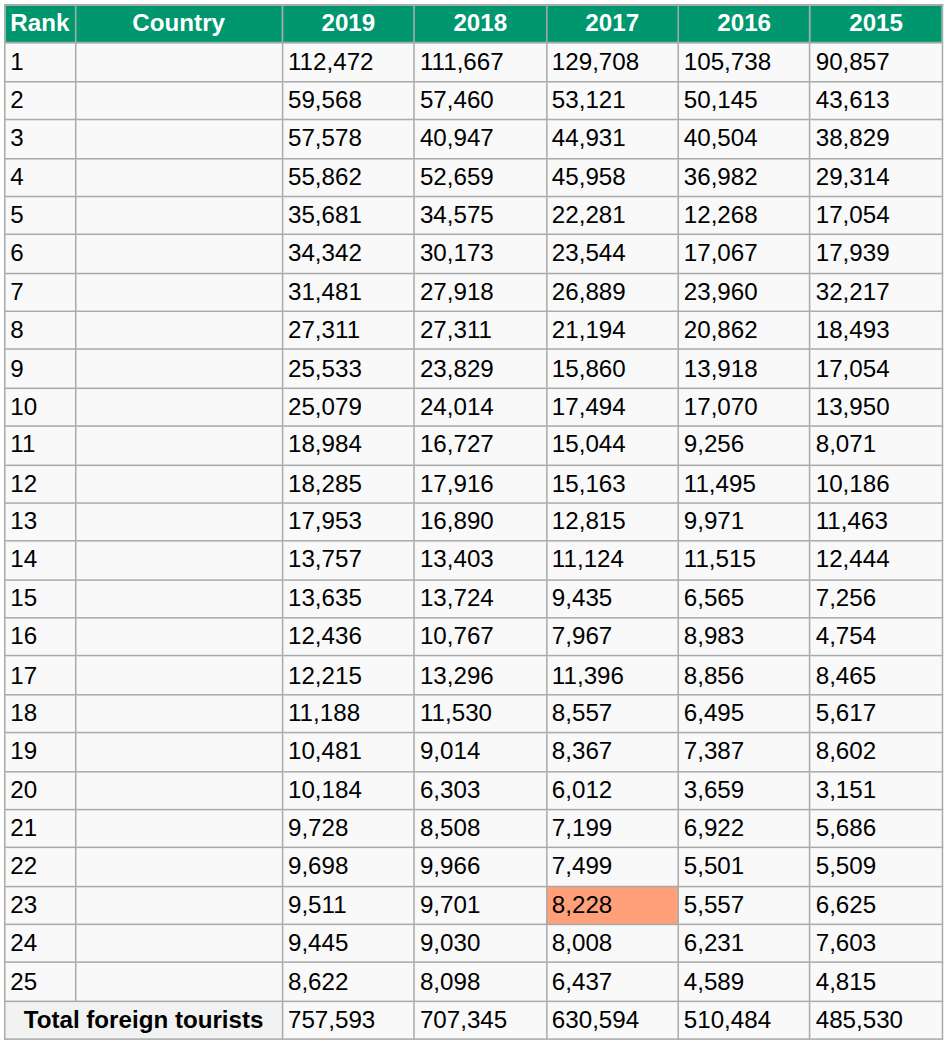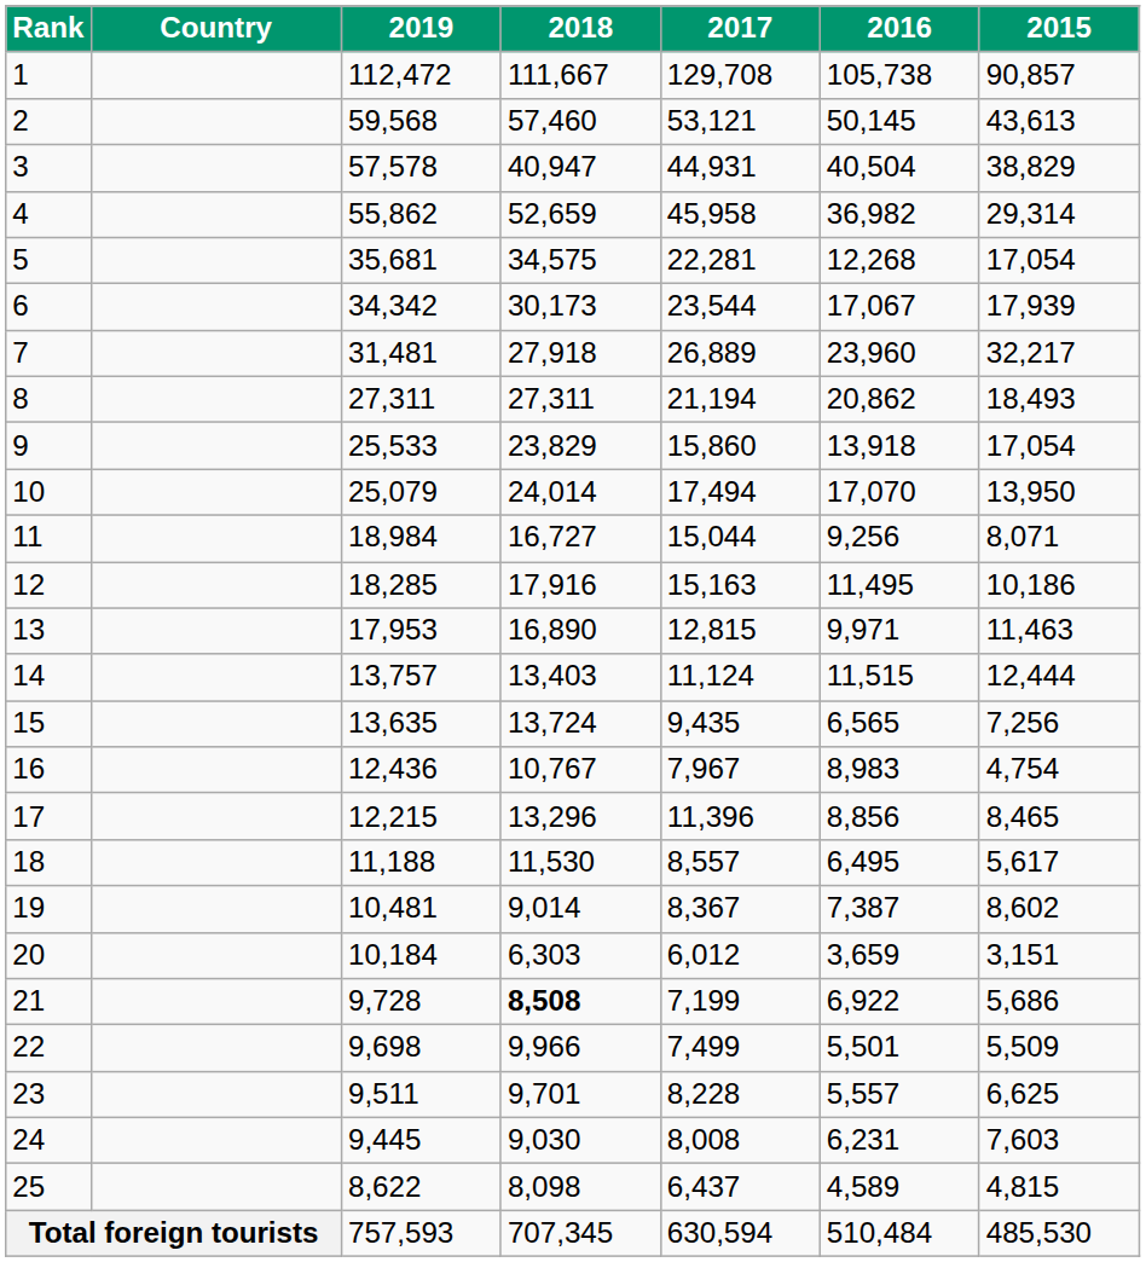 <table class="wikitable">
 <tr>
 </tr>
 <tr style="color:white;">
 <th style="width:5px; background:#00966E;">Rank</th>
 <th style="width:130px; background:#00966E;">Country</th>
 <th style="width:80px; background:#00966E;">2019</th>
 <th style="width:80px; background:#00966E;">2018</th>
 <th style="width:80px; background:#00966E;">2017</th>
 <th style="width:80px; background:#00966E;">2016</th>
 <th style="width:80px; background:#00966E;">2015</th>
 </tr>
 <tr>
 <td>1</td>
 <td></td>
 <td> 112,472</td>
 <td> 111,667</td>
 <td> 129,708</td>
 <td> 105,738</td>
 <td>90,857</td>
 </tr>
 <tr>
 <td>2</td>
 <td></td>
 <td> 59,568</td>
 <td> 57,460</td>
 <td> 53,121</td>
 <td> 50,145</td>
 <td>43,613</td>
 </tr>
 <tr>
 <td>3</td>
 <td></td>
 <td> 57,578</td>
 <td> 40,947</td>
 <td> 44,931</td>
 <td> 40,504</td>
 <td>38,829</td>
 </tr>
 <tr>
 <td>4</td>
 <td></td>
 <td> 55,862</td>
 <td> 52,659</td>
 <td> 45,958</td>
 <td> 36,982</td>
 <td>29,314</td>
 </tr>
 <tr>
 <td>5</td>
 <td></td>
 <td> 35,681</td>
 <td> 34,575</td>
 <td> 22,281</td>
 <td> 12,268</td>
 <td>17,054</td>
 </tr>
 <tr>
 <td>6</td>
 <td></td>
 <td> 34,342</td>
 <td> 30,173</td>
 <td> 23,544</td>
 <td> 17,067</td>
 <td>17,939</td>
 </tr>
 <tr>
 <td>7</td>
 <td></td>
 <td> 31,481</td>
 <td> 27,918</td>
 <td> 26,889</td>
 <td> 23,960</td>
 <td>32,217</td>
 </tr>
 <tr>
 <td>8</td>
 <td></td>
 <td> 27,311</td>
 <td> 27,311</td>
 <td> 21,194</td>
 <td> 20,862</td>
 <td>18,493</td>
 </tr>
 <tr>
 <td>9</td>
 <td></td>
 <td> 25,533</td>
 <td> 23,829</td>
 <td> 15,860</td>
 <td> 13,918</td>
 <td>17,054</td>
 </tr>
 <tr>
 <td>10</td>
 <td></td>
 <td> 25,079</td>
 <td> 24,014</td>
 <td> 17,494</td>
 <td> 17,070</td>
 <td>13,950</td>
 </tr>
 <tr>
 <td>11</td>
 <td></td>
 <td> 18,984</td>
 <td> 16,727</td>
 <td> 15,044</td>
 <td> 9,256</td>
 <td>8,071</td>
 </tr>
 <tr>
 <td>12</td>
 <td></td>
 <td> 18,285</td>
 <td> 17,916</td>
 <td> 15,163</td>
 <td> 11,495</td>
 <td>10,186</td>
 </tr>
 <tr>
 <td>13</td>
 <td></td>
 <td> 17,953</td>
 <td> 16,890</td>
 <td> 12,815</td>
 <td> 9,971</td>
 <td>11,463</td>
 </tr>
 <tr>
 <td>14</td>
 <td></td>
 <td> 13,757</td>
 <td> 13,403</td>
 <td> 11,124</td>
 <td> 11,515</td>
 <td>12,444</td>
 </tr>
 <tr>
 <td>15</td>
 <td></td>
 <td> 13,635</td>
 <td> 13,724</td>
 <td> 9,435</td>
 <td> 6,565</td>
 <td>7,256</td>
 </tr>
 <tr>
 <td>16</td>
 <td></td>
 <td> 12,436</td>
 <td> 10,767</td>
 <td> 7,967</td>
 <td> 8,983</td>
 <td>4,754</td>
 </tr>
 <tr>
 <td>17</td>
 <td></td>
 <td> 12,215</td>
 <td> 13,296</td>
 <td> 11,396</td>
 <td> 8,856</td>
 <td>8,465</td>
 </tr>
 <tr>
 <td>18</td>
 <td></td>
 <td> 11,188</td>
 <td> 11,530</td>
 <td> 8,557</td>
 <td> 6,495</td>
 <td>5,617</td>
 </tr>
 <tr>
 <td>19</td>
 <td></td>
 <td> 10,481</td>
 <td> 9,014</td>
 <td> 8,367</td>
 <td> 7,387</td>
 <td>8,602</td>
 </tr>
 <tr>
 <td>20</td>
 <td></td>
 <td> 10,184</td>
 <td> 6,303</td>
 <td> 6,012</td>
 <td> 3,659</td>
 <td>3,151</td>
 </tr>
 <tr>
 <td>21</td>
 <td></td>
 <td> 9,728</td>
-<td> 8,508</td>
+<td><strong> 8,508</strong></td>
 <td> 7,199</td>
 <td> 6,922</td>
 <td>5,686</td>
 </tr>
 <tr>
 <td>22</td>
 <td></td>
 <td> 9,698</td>
 <td> 9,966</td>
 <td> 7,499</td>
 <td> 5,501</td>
 <td>5,509</td>
 </tr>
 <tr>
 <td>23</td>
 <td></td>
 <td> 9,511</td>
 <td> 9,701</td>
-<td style="background: lightsalmon;"> 8,228</td>
+<td> 8,228</td>
 <td> 5,557</td>
 <td>6,625</td>
 </tr>
 <tr>
 <td>24</td>
 <td></td>
 <td> 9,445</td>
 <td> 9,030</td>
 <td> 8,008</td>
 <td> 6,231</td>
 <td>7,603</td>
 </tr>
 <tr>
 <td>25</td>
 <td></td>
 <td> 8,622</td>
 <td> 8,098</td>
 <td> 6,437</td>
 <td> 4,589</td>
 <td>4,815</td>
 </tr>
 <tr>
 <th colspan=2>Total foreign tourists</th>
 <td> 757,593</td>
 <td> 707,345</td>
 <td> 630,594</td>
 <td> 510,484</td>
 <td>485,530</td>
 </tr>
 </table>
